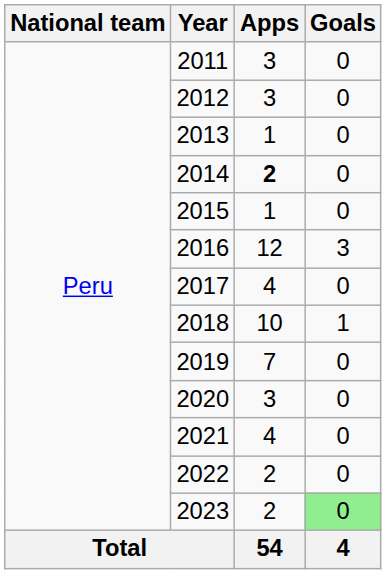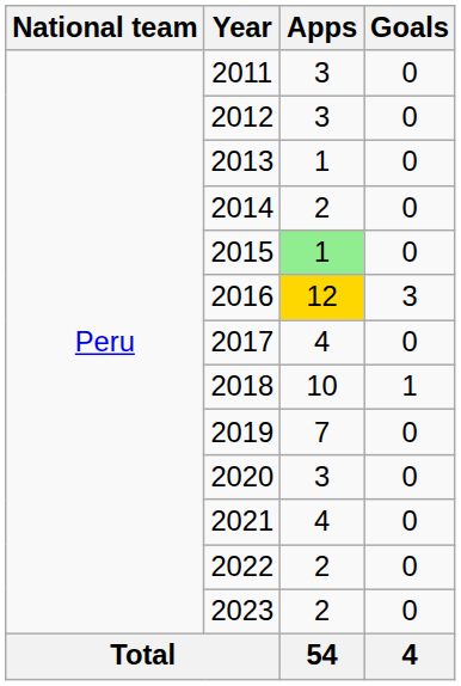 <table class="wikitable" style="text-align:center">
 <tr>
 <th>National team</th>
 <th>Year</th>
 <th>Apps</th>
 <th>Goals</th>
 </tr>
 <tr>
 <td rowspan="13"><a href='#'>Peru</a></td>
 <td>2011</td>
 <td>3</td>
 <td>0</td>
 </tr>
 <tr>
 <td>2012</td>
 <td>3</td>
 <td>0</td>
 </tr>
 <tr>
 <td>2013</td>
 <td>1</td>
 <td>0</td>
 </tr>
 <tr>
 <td>2014</td>
-<td><strong>2</strong></td>
+<td>2</td>
 <td>0</td>
 </tr>
 <tr>
 <td>2015</td>
-<td>1</td>
+<td style="background: lightgreen;">1</td>
 <td>0</td>
 </tr>
 <tr>
 <td>2016</td>
-<td>12</td>
+<td style="background: gold;">12</td>
 <td>3</td>
 </tr>
 <tr>
 <td>2017</td>
 <td>4</td>
 <td>0</td>
 </tr>
 <tr>
 <td>2018</td>
 <td>10</td>
 <td>1</td>
 </tr>
 <tr>
 <td>2019</td>
 <td>7</td>
 <td>0</td>
 </tr>
 <tr>
 <td>2020</td>
 <td>3</td>
 <td>0</td>
 </tr>
 <tr>
 <td>2021</td>
 <td>4</td>
 <td>0</td>
 </tr>
 <tr>
 <td>2022</td>
 <td>2</td>
 <td>0</td>
 </tr>
 <tr>
 <td>2023</td>
 <td>2</td>
-<td style="background: lightgreen;">0</td>
+<td>0</td>
 </tr>
 <tr>
 <th colspan="2">Total</th>
 <th>54</th>
 <th>4</th>
 </tr>
 </table>
